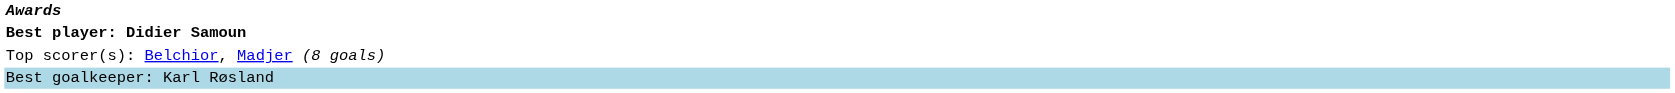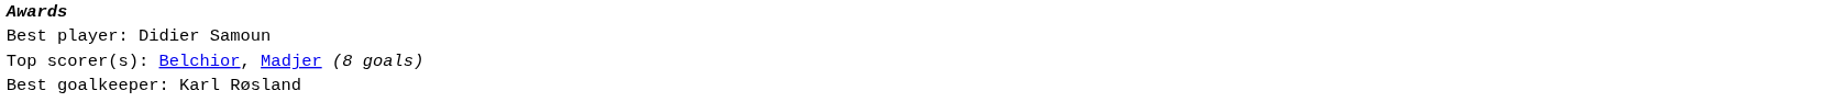 <table width=100% cellspacing=1 style="font-size: 90%;">
 <tr>
 <td><strong><em>Awards</em></strong></td>
 </tr>
 <tr>
-<td><strong>Best player:  Didier Samoun</strong></td>
+<td>Best player:  Didier Samoun</td>
 </tr>
 <tr>
 <td colspan=4>Top scorer(s):  <a href='#'>Belchior</a>,  <a href='#'>Madjer</a> <em>(8 goals)</em></td>
 </tr>
 <tr>
-<td style="background: lightblue;">Best goalkeeper:  Karl Røsland</td>
+<td>Best goalkeeper:  Karl Røsland</td>
 </tr>
 </table>
